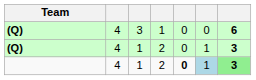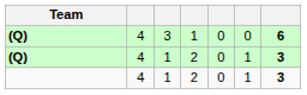 <table class="wikitable" style="text-align:center">
 <tr>
 <th width="140">Team</th>
 <th width="25"></th>
 <th width="25"></th>
 <th width="25"></th>
 <th width="25"></th>
 <th width="25"></th>
 <th width="40"></th>
 </tr>
 <tr style="background:#cfc">
 <td style="text-align:left"> <strong>(Q)</strong></td>
 <td>4</td>
 <td>3</td>
 <td>1</td>
 <td>0</td>
 <td>0</td>
 <td><strong>6</strong></td>
 </tr>
 <tr style="background:#cfc">
 <td style="text-align:left"> <strong>(Q)</strong></td>
 <td>4</td>
 <td>1</td>
 <td>2</td>
 <td>0</td>
 <td>1</td>
 <td><strong>3</strong></td>
 </tr>
 <tr>
 <td style="text-align:left"></td>
 <td>4</td>
 <td>1</td>
 <td>2</td>
-<td><strong>0</strong></td>
-<td style="background: lightblue;">1</td>
-<td style="background: lightgreen;"><strong>3</strong></td>
+<td>0</td>
+<td>1</td>
+<td><strong>3</strong></td>
 </tr>
 </table>
